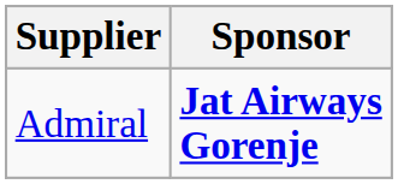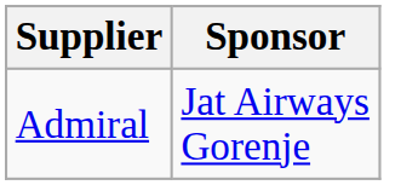 <table class="wikitable">
 <tr>
 <th>Supplier</th>
 <th>Sponsor</th>
 </tr>
 <tr>
 <td> <a href='#'>Admiral</a></td>
-<td><strong> <a href='#'>Jat Airways</a><br> <a href='#'>Gorenje</a></strong></td>
+<td> <a href='#'>Jat Airways</a><br> <a href='#'>Gorenje</a></td>
 </tr>
 </table>
